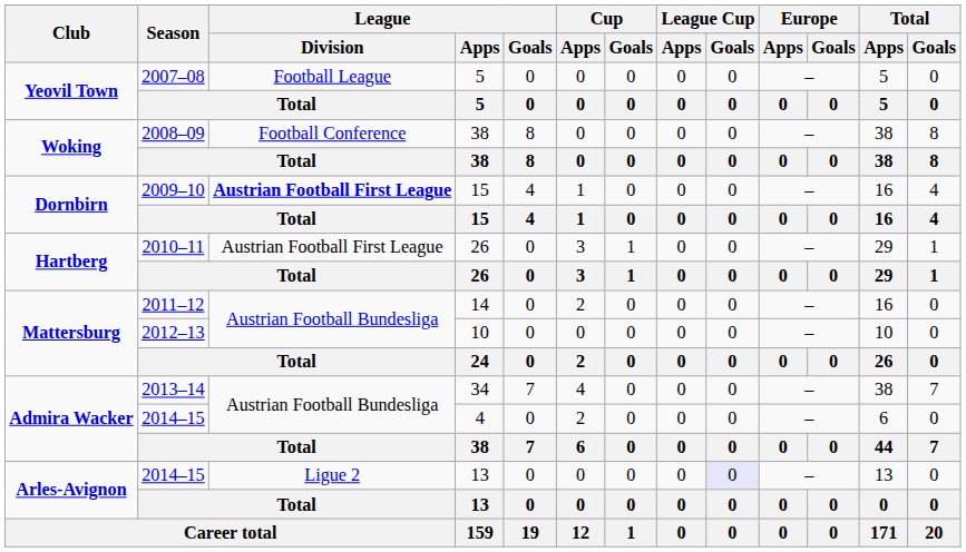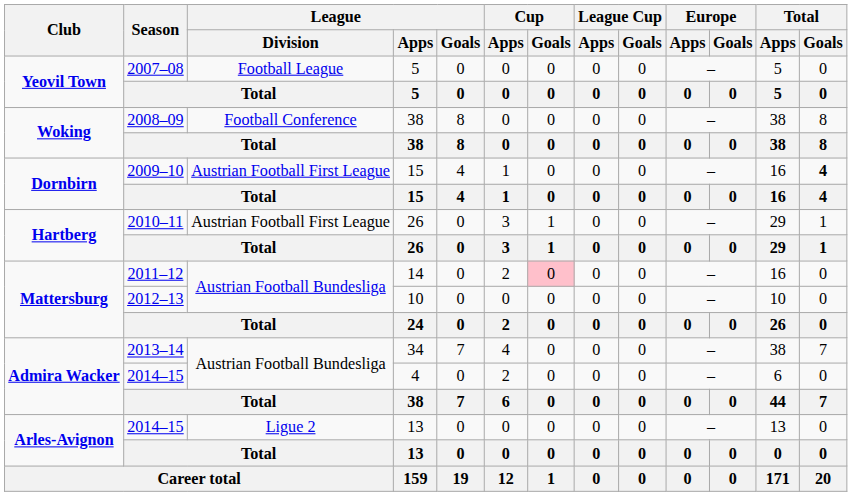 <table class="wikitable" style="text-align: center;">
 <tr>
 <th rowspan="2">Club</th>
 <th rowspan="2">Season</th>
 <th colspan="3">League</th>
 <th colspan="2">Cup</th>
 <th colspan="2">League Cup</th>
 <th colspan="2">Europe</th>
 <th colspan="2">Total</th>
 </tr>
 <tr>
 <th>Division</th>
 <th>Apps</th>
 <th>Goals</th>
 <th>Apps</th>
 <th>Goals</th>
 <th>Apps</th>
 <th>Goals</th>
 <th>Apps</th>
 <th>Goals</th>
 <th>Apps</th>
 <th>Goals</th>
 </tr>
 <tr>
 <td rowspan="2" valign="center"><strong><a href='#'>Yeovil Town</a></strong></td>
 <td><a href='#'>2007–08</a></td>
 <td><a href='#'>Football League</a></td>
 <td>5</td>
 <td>0</td>
 <td>0</td>
 <td>0</td>
 <td>0</td>
 <td>0</td>
 <td colspan="2">–</td>
 <td>5</td>
 <td>0</td>
 </tr>
 <tr>
 <th colspan="2">Total</th>
 <th>5</th>
 <th>0</th>
 <th>0</th>
 <th>0</th>
 <th>0</th>
 <th>0</th>
 <th>0</th>
 <th>0</th>
 <th>5</th>
 <th>0</th>
 </tr>
 <tr>
 <td rowspan="2" valign="center"><strong><a href='#'>Woking</a></strong></td>
 <td><a href='#'>2008–09</a></td>
 <td><a href='#'>Football Conference</a></td>
 <td>38</td>
 <td>8</td>
 <td>0</td>
 <td>0</td>
 <td>0</td>
 <td>0</td>
 <td colspan="2">–</td>
 <td>38</td>
 <td>8</td>
 </tr>
 <tr>
 <th colspan="2">Total</th>
 <th>38</th>
 <th>8</th>
 <th>0</th>
 <th>0</th>
 <th>0</th>
 <th>0</th>
 <th>0</th>
 <th>0</th>
 <th>38</th>
 <th>8</th>
 </tr>
 <tr>
 <td rowspan="2" valign="center"><strong><a href='#'>Dornbirn</a></strong></td>
 <td><a href='#'>2009–10</a></td>
-<td><strong><a href='#'>Austrian Football First League</a></strong></td>
+<td><a href='#'>Austrian Football First League</a></td>
 <td>15</td>
 <td>4</td>
 <td>1</td>
 <td>0</td>
 <td>0</td>
 <td>0</td>
 <td colspan="2">–</td>
 <td>16</td>
-<td>4</td>
+<td><strong>4</strong></td>
 </tr>
 <tr>
 <th colspan="2">Total</th>
 <th>15</th>
 <th>4</th>
 <th>1</th>
 <th>0</th>
 <th>0</th>
 <th>0</th>
 <th>0</th>
 <th>0</th>
 <th>16</th>
 <th>4</th>
 </tr>
 <tr>
 <td rowspan="2" valign="center"><strong><a href='#'>Hartberg</a></strong></td>
 <td><a href='#'>2010–11</a></td>
 <td>Austrian Football First League</td>
 <td>26</td>
 <td>0</td>
 <td>3</td>
 <td>1</td>
 <td>0</td>
 <td>0</td>
 <td colspan="2">–</td>
 <td>29</td>
 <td>1</td>
 </tr>
 <tr>
 <th colspan="2">Total</th>
 <th>26</th>
 <th>0</th>
 <th>3</th>
 <th>1</th>
 <th>0</th>
 <th>0</th>
 <th>0</th>
 <th>0</th>
 <th>29</th>
 <th>1</th>
 </tr>
 <tr>
 <td rowspan="3" valign="center"><strong><a href='#'>Mattersburg</a></strong></td>
 <td><a href='#'>2011–12</a></td>
 <td rowspan="2"><a href='#'>Austrian Football Bundesliga</a></td>
 <td>14</td>
 <td>0</td>
 <td>2</td>
-<td>0</td>
+<td style="background: pink;">0</td>
 <td>0</td>
 <td>0</td>
 <td colspan="2">–</td>
 <td>16</td>
 <td>0</td>
 </tr>
 <tr>
 <td><a href='#'>2012–13</a></td>
 <td>10</td>
 <td>0</td>
 <td>0</td>
 <td>0</td>
 <td>0</td>
 <td>0</td>
 <td colspan="2">–</td>
 <td>10</td>
 <td>0</td>
 </tr>
 <tr>
 <th colspan="2">Total</th>
 <th>24</th>
 <th>0</th>
 <th>2</th>
 <th>0</th>
 <th>0</th>
 <th>0</th>
 <th>0</th>
 <th>0</th>
 <th>26</th>
 <th>0</th>
 </tr>
 <tr>
 <td rowspan="3" valign="center"><strong><a href='#'>Admira Wacker</a></strong></td>
 <td><a href='#'>2013–14</a></td>
 <td rowspan="2">Austrian Football Bundesliga</td>
 <td>34</td>
 <td>7</td>
 <td>4</td>
 <td>0</td>
 <td>0</td>
 <td>0</td>
 <td colspan="2">–</td>
 <td>38</td>
 <td>7</td>
 </tr>
 <tr>
 <td><a href='#'>2014–15</a></td>
 <td>4</td>
 <td>0</td>
 <td>2</td>
 <td>0</td>
 <td>0</td>
 <td>0</td>
 <td colspan="2">–</td>
 <td>6</td>
 <td>0</td>
 </tr>
 <tr>
 <th colspan="2">Total</th>
 <th>38</th>
 <th>7</th>
 <th>6</th>
 <th>0</th>
 <th>0</th>
 <th>0</th>
 <th>0</th>
 <th>0</th>
 <th>44</th>
 <th>7</th>
 </tr>
 <tr>
 <td rowspan="2" valign="center"><strong><a href='#'>Arles-Avignon</a></strong></td>
 <td><a href='#'>2014–15</a></td>
 <td><a href='#'>Ligue 2</a></td>
 <td>13</td>
 <td>0</td>
 <td>0</td>
 <td>0</td>
 <td>0</td>
-<td style="background: lavender;">0</td>
+<td>0</td>
 <td colspan="2">–</td>
 <td>13</td>
 <td>0</td>
 </tr>
 <tr>
 <th colspan="2">Total</th>
 <th>13</th>
 <th>0</th>
 <th>0</th>
 <th>0</th>
 <th>0</th>
 <th>0</th>
 <th>0</th>
 <th>0</th>
 <th>0</th>
 <th>0</th>
 </tr>
 <tr>
 <th colspan="3">Career total</th>
 <th>159</th>
 <th>19</th>
 <th>12</th>
 <th>1</th>
 <th>0</th>
 <th>0</th>
 <th>0</th>
 <th>0</th>
 <th>171</th>
 <th>20</th>
 </tr>
 </table>
